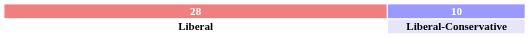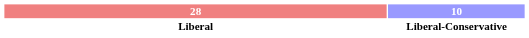 <table style="width:60%; text-align:center;">
 <tr style="color:white;">
 <td style="background:#F08080; width:73.68%;"><strong>28</strong></td>
 <td style="background:#9999FF; width:26.32%;"><strong>10</strong></td>
 </tr>
 <tr>
 <td><span><strong>Liberal</strong></span></td>
-<td style="background: lavender;"><span><strong>Liberal-Conservative</strong></span></td>
+<td><span><strong>Liberal-Conservative</strong></span></td>
 </tr>
 </table>
